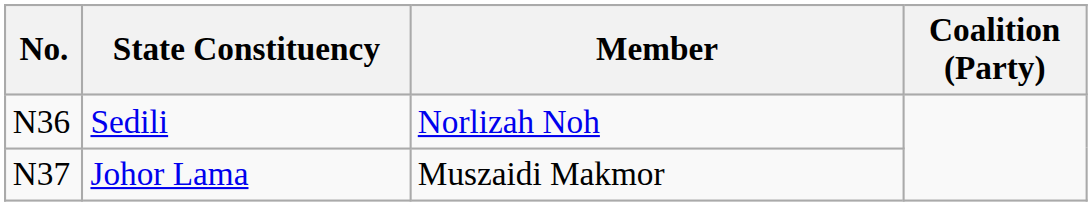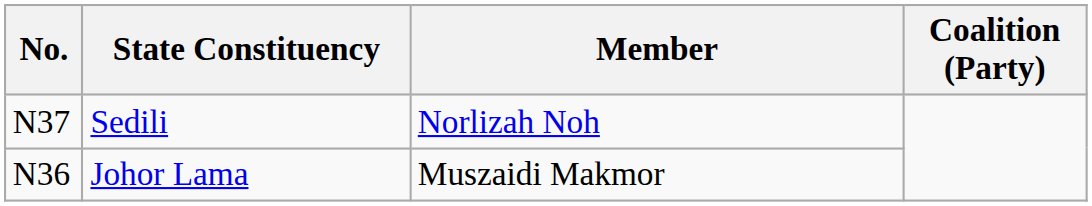 <table class="wikitable sortable">
 <tr>
 <th width="30">No.</th>
 <th width="150">State Constituency</th>
 <th width="230">Member</th>
 <th width="80">Coalition (Party)</th>
 </tr>
 <tr>
-<td>N36</td>
+<td>N37</td>
 <td><a href='#'>Sedili</a></td>
 <td><a href='#'>Norlizah Noh</a></td>
 <td rowspan=2></td>
 </tr>
 <tr>
-<td>N37</td>
+<td>N36</td>
 <td><a href='#'>Johor Lama</a></td>
 <td>Muszaidi Makmor</td>
 </tr>
 </table>
